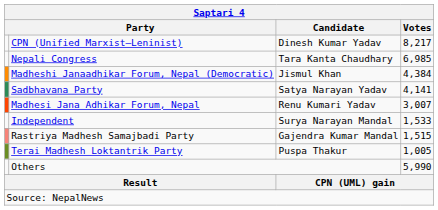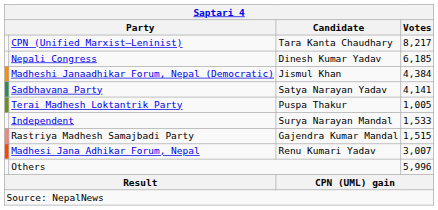 <table class="wikitable">
 <tr>
 <th colspan="4"><a href='#'>Saptari 4</a></th>
 </tr>
 <tr>
 <th colspan="2">Party</th>
 <th>Candidate</th>
 <th>Votes</th>
 </tr>
 <tr>
 <td style="background-color:"></td>
 <td><a href='#'>CPN (Unified Marxist–Leninist)</a></td>
-<td>Dinesh Kumar Yadav</td>
+<td>Tara Kanta Chaudhary</td>
 <td>8,217</td>
 </tr>
 <tr>
 <td style="background-color:"></td>
 <td><a href='#'>Nepali Congress</a></td>
-<td>Tara Kanta Chaudhary</td>
-<td>6,985</td>
+<td>Dinesh Kumar Yadav</td>
+<td>6,185</td>
 </tr>
 <tr>
 <td style="background-color:darkorange"></td>
 <td><a href='#'>Madheshi Janaadhikar Forum, Nepal (Democratic)</a></td>
 <td>Jismul Khan</td>
 <td>4,384</td>
 </tr>
 <tr>
 <td style="background-color:seagreen"></td>
 <td><a href='#'>Sadbhavana Party</a></td>
 <td>Satya Narayan Yadav</td>
 <td>4,141</td>
 </tr>
 <tr>
-<td style="background-color:orangered"></td>
-<td><a href='#'>Madhesi Jana Adhikar Forum, Nepal</a></td>
-<td>Renu Kumari Yadav</td>
-<td>3,007</td>
+<td style="background-color:olivedrab"></td>
+<td><a href='#'>Terai Madhesh Loktantrik Party</a></td>
+<td>Puspa Thakur</td>
+<td>1,005</td>
 </tr>
 <tr>
 <td style="background-color:"></td>
 <td><a href='#'>Independent</a></td>
 <td>Surya Narayan Mandal</td>
 <td>1,533</td>
 </tr>
 <tr>
 <td style="background-color:#F88379"></td>
 <td>Rastriya Madhesh Samajbadi Party</td>
 <td>Gajendra Kumar Mandal</td>
 <td>1,515</td>
 </tr>
 <tr>
-<td style="background-color:olivedrab"></td>
-<td><a href='#'>Terai Madhesh Loktantrik Party</a></td>
-<td>Puspa Thakur</td>
-<td>1,005</td>
+<td style="background-color:orangered"></td>
+<td><a href='#'>Madhesi Jana Adhikar Forum, Nepal</a></td>
+<td>Renu Kumari Yadav</td>
+<td>3,007</td>
 </tr>
 <tr>
 <td></td>
 <td colspan="2">Others</td>
-<td>5,990</td>
+<td>5,996</td>
 </tr>
 <tr>
 <th colspan="2">Result</th>
 <th colspan="2">CPN (UML) gain</th>
 </tr>
 <tr>
 <td colspan="4">Source: NepalNews</td>
 </tr>
 </table>
